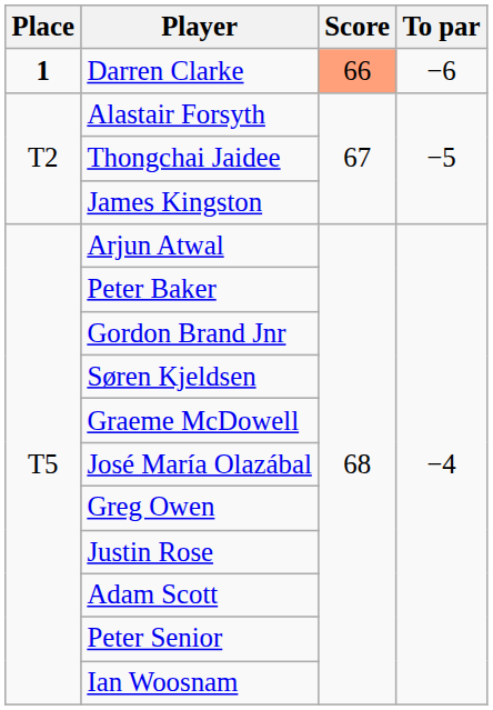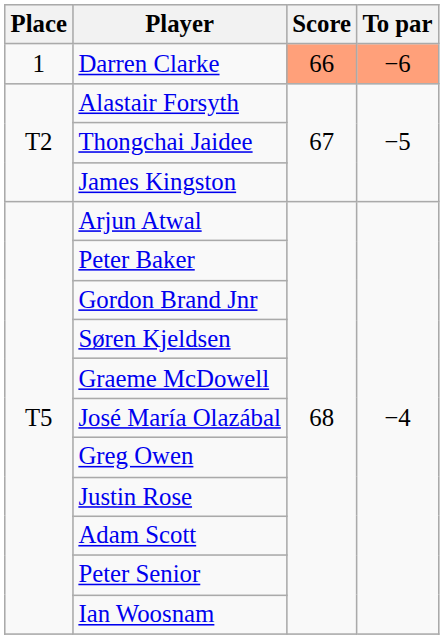 <table class="wikitable">
 <tr>
 <th>Place</th>
 <th>Player</th>
 <th>Score</th>
 <th>To par</th>
 </tr>
 <tr>
-<td align=center><strong>1</strong></td>
+<td align=center>1</td>
 <td> <a href='#'>Darren Clarke</a></td>
 <td align=center style="background: lightsalmon;">66</td>
-<td align=center>−6</td>
+<td align=center style="background: lightsalmon;">−6</td>
 </tr>
 <tr>
 <td rowspan="3" align=center>T2</td>
 <td> <a href='#'>Alastair Forsyth</a></td>
 <td rowspan="3" align=center>67</td>
 <td rowspan="3" align=center>−5</td>
 </tr>
 <tr>
 <td> <a href='#'>Thongchai Jaidee</a></td>
 </tr>
 <tr>
 <td> <a href='#'>James Kingston</a></td>
 </tr>
 <tr>
 <td rowspan="12" align=center>T5</td>
 <td> <a href='#'>Arjun Atwal</a></td>
 <td rowspan="12" align=center>68</td>
 <td rowspan="12" align=center>−4</td>
 </tr>
 <tr>
 <td> <a href='#'>Peter Baker</a></td>
 </tr>
 <tr>
 <td> <a href='#'>Gordon Brand Jnr</a></td>
 </tr>
 <tr>
 <td> <a href='#'>Søren Kjeldsen</a></td>
 </tr>
 <tr>
 <td> <a href='#'>Graeme McDowell</a></td>
 </tr>
 <tr>
 <td> <a href='#'>José María Olazábal</a></td>
 </tr>
 <tr>
 <td> <a href='#'>Greg Owen</a></td>
 </tr>
 <tr>
 <td> <a href='#'>Justin Rose</a></td>
 </tr>
 <tr>
 <td> <a href='#'>Adam Scott</a></td>
 </tr>
 <tr>
 <td> <a href='#'>Peter Senior</a></td>
 </tr>
 <tr>
 <td> <a href='#'>Ian Woosnam</a></td>
 </tr>
 </table>
